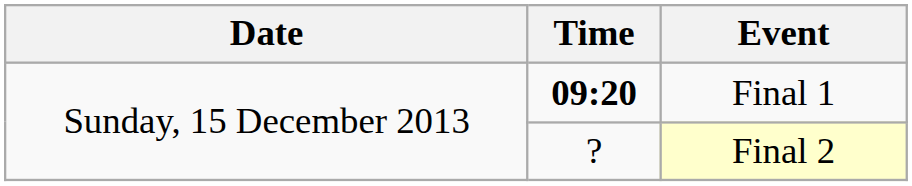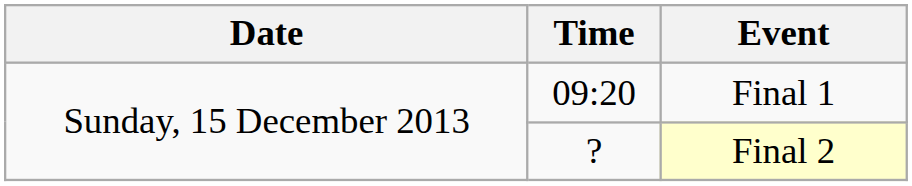 <table class = "wikitable" style="text-align:center;">
 <tr>
 <th width=220>Date</th>
 <th width=50>Time</th>
 <th width=100>Event</th>
 </tr>
 <tr>
 <td rowspan=2>Sunday, 15 December 2013</td>
-<td><strong>09:20</strong></td>
+<td>09:20</td>
 <td>Final 1</td>
 </tr>
 <tr>
 <td>?</td>
 <td bgcolor=ffffcc>Final 2</td>
 </tr>
 </table>
